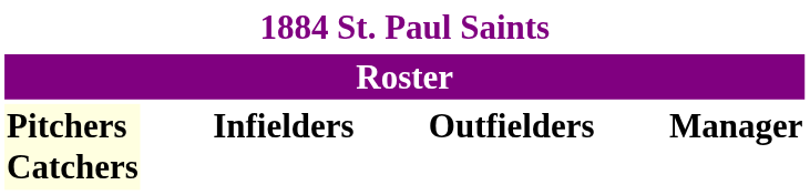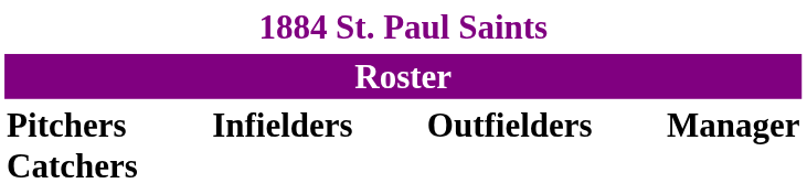 <table class="toccolours" style="font-size: 95%;">
 <tr>
 <th colspan="10" style="background-color: white; color: purple; text-align: center;">1884 St. Paul Saints</th>
 </tr>
 <tr>
 <td colspan="10" style="background-color: purple; color: white; text-align: center;"><strong>Roster</strong></td>
 </tr>
 <tr>
-<td valign="top" style="background: lightyellow;"><strong>Pitchers</strong><br>  <strong>Catchers</strong>  </td>
+<td valign="top"><strong>Pitchers</strong><br>  <strong>Catchers</strong>  </td>
 <td width="25px"></td>
 <td valign="top"><strong>Infielders</strong><br>   </td>
 <td width="25px"></td>
 <td valign="top"><strong>Outfielders</strong><br>  </td>
 <td width="25px"></td>
 <td valign="top"><strong>Manager</strong><br></td>
 </tr>
 <tr>
 </tr>
 </table>
